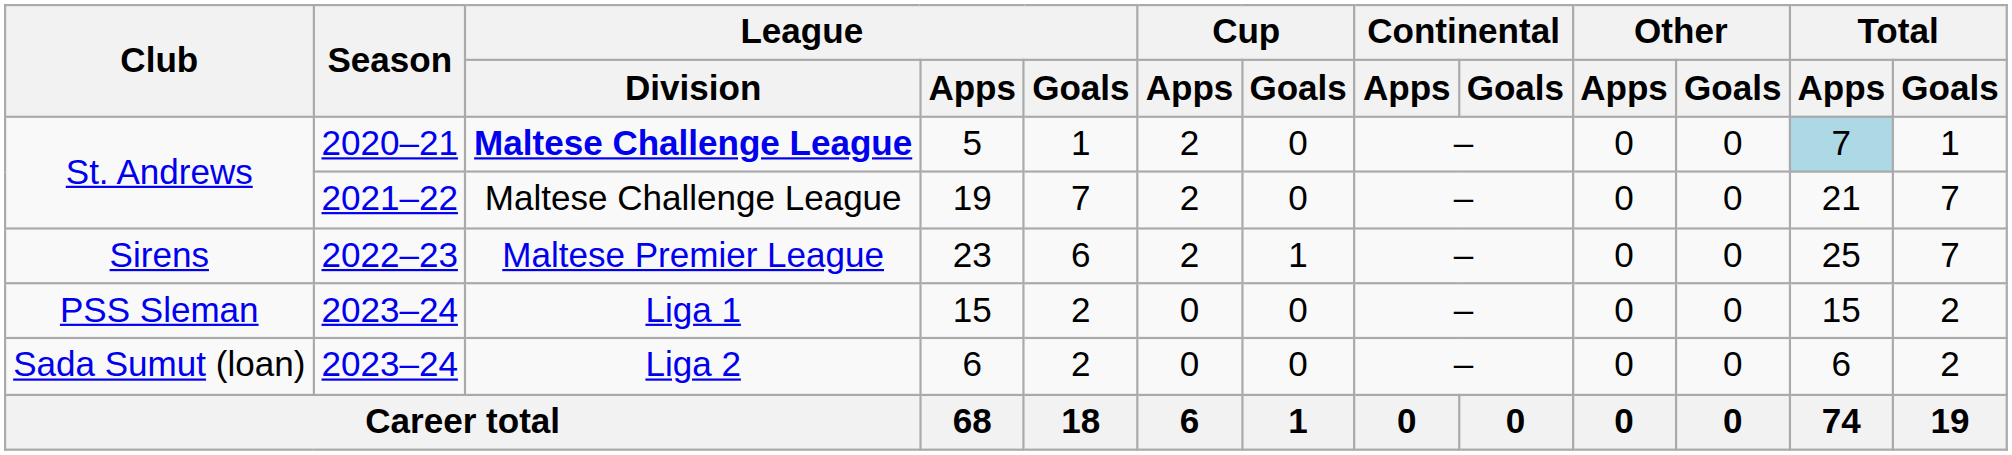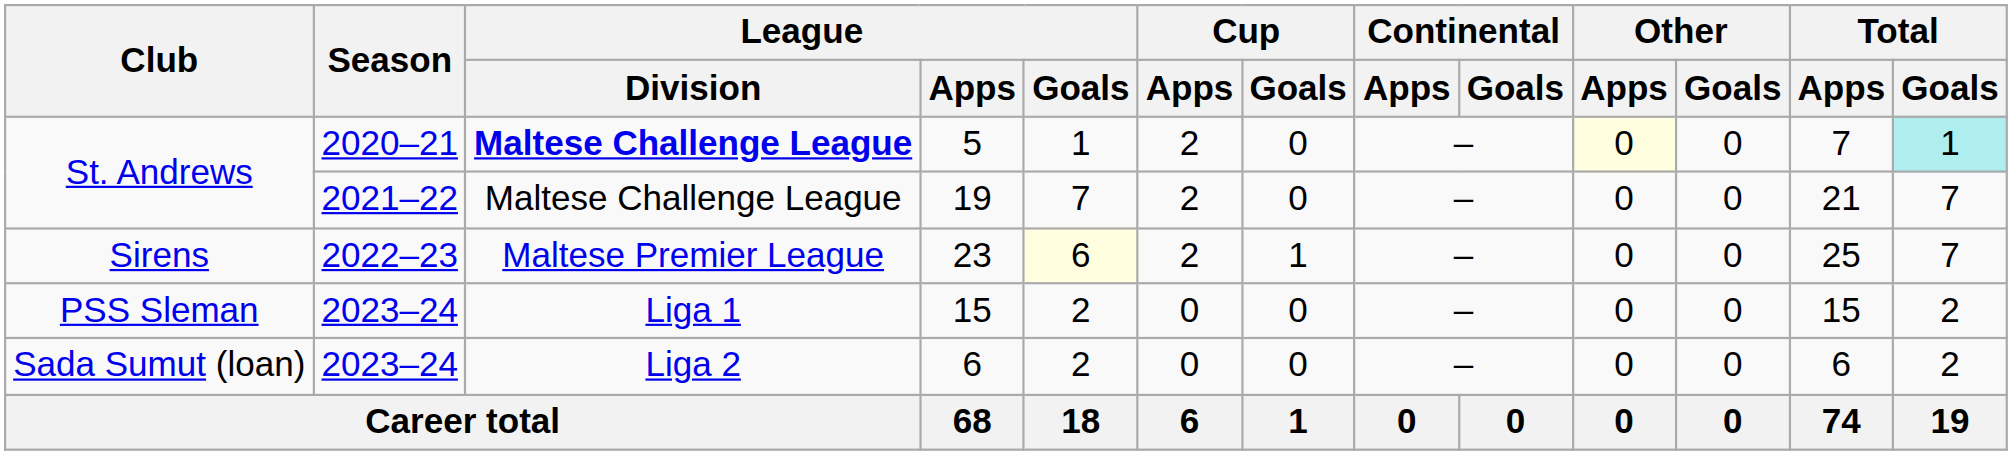 <table class="wikitable" style="text-align: center">
 <tr>
 <th rowspan="2">Club</th>
 <th rowspan="2">Season</th>
 <th colspan="3">League</th>
 <th colspan="2">Cup</th>
 <th colspan="2">Continental</th>
 <th colspan="2">Other</th>
 <th colspan="3">Total</th>
 </tr>
 <tr>
 <th>Division</th>
 <th>Apps</th>
 <th>Goals</th>
 <th>Apps</th>
 <th>Goals</th>
 <th>Apps</th>
 <th>Goals</th>
 <th>Apps</th>
 <th>Goals</th>
 <th>Apps</th>
 <th>Goals</th>
 </tr>
 <tr>
 <td rowspan="2"><a href='#'>St. Andrews</a></td>
 <td><a href='#'>2020–21</a></td>
 <td rowspan="1" valign="center"><strong><a href='#'>Maltese Challenge League</a></strong></td>
 <td>5</td>
 <td>1</td>
 <td>2</td>
 <td>0</td>
 <td colspan="2">–</td>
+<td style="background: lightyellow;">0</td>
 <td>0</td>
-<td>0</td>
-<td style="background: lightblue;">7</td>
-<td>1</td>
+<td>7</td>
+<td style="background: paleturquoise;">1</td>
 </tr>
 <tr>
 <td><a href='#'>2021–22</a></td>
 <td>Maltese Challenge League</td>
 <td>19</td>
 <td>7</td>
 <td>2</td>
 <td>0</td>
 <td colspan="2">–</td>
 <td>0</td>
 <td>0</td>
 <td>21</td>
 <td>7</td>
 </tr>
 <tr>
 <td rowspan="1"><a href='#'>Sirens</a></td>
 <td><a href='#'>2022–23</a></td>
 <td rowspan="1" valign="center"><a href='#'>Maltese Premier League</a></td>
 <td>23</td>
-<td>6</td>
+<td style="background: lightyellow;">6</td>
 <td>2</td>
 <td>1</td>
 <td colspan="2">–</td>
 <td>0</td>
 <td>0</td>
 <td>25</td>
 <td>7</td>
 </tr>
 <tr>
 <td rowspan="1"><a href='#'>PSS Sleman</a></td>
 <td><a href='#'>2023–24</a></td>
 <td rowspan="1" valign="center"><a href='#'>Liga 1</a></td>
 <td>15</td>
 <td>2</td>
 <td>0</td>
 <td>0</td>
 <td colspan="2">–</td>
 <td>0</td>
 <td>0</td>
 <td>15</td>
 <td>2</td>
 </tr>
 <tr>
 <td rowspan="1"><a href='#'>Sada Sumut</a> (loan)</td>
 <td><a href='#'>2023–24</a></td>
 <td rowspan="1" valign="center"><a href='#'>Liga 2</a></td>
 <td>6</td>
 <td>2</td>
 <td>0</td>
 <td>0</td>
 <td colspan="2">–</td>
 <td>0</td>
 <td>0</td>
 <td>6</td>
 <td>2</td>
 </tr>
 <tr>
 <th colspan="3">Career total</th>
 <th>68</th>
 <th>18</th>
 <th>6</th>
 <th>1</th>
 <th>0</th>
 <th>0</th>
 <th>0</th>
 <th>0</th>
 <th>74</th>
 <th>19</th>
 </tr>
 </table>
